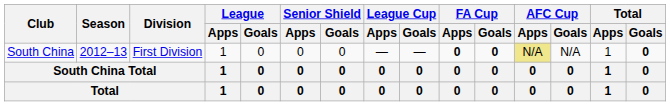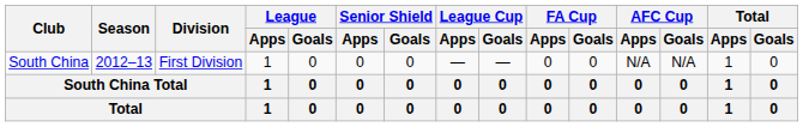 <table class="wikitable" style="text-align: center;">
 <tr>
 <th rowspan="2">Club</th>
 <th rowspan="2">Season</th>
 <th rowspan="2">Division</th>
 <th colspan="2"><a href='#'>League</a></th>
 <th colspan="2"><a href='#'>Senior Shield</a></th>
 <th colspan="2"><a href='#'>League Cup</a></th>
 <th colspan="2"><a href='#'>FA Cup</a></th>
 <th colspan="2"><a href='#'>AFC Cup</a></th>
 <th colspan="2">Total</th>
 </tr>
 <tr>
 <th>Apps</th>
 <th>Goals</th>
 <th>Apps</th>
 <th>Goals</th>
 <th>Apps</th>
 <th>Goals</th>
 <th>Apps</th>
 <th>Goals</th>
 <th>Apps</th>
 <th>Goals</th>
 <th>Apps</th>
 <th>Goals</th>
 </tr>
 <tr>
 <td rowspan="1" valign="center"><a href='#'>South China</a></td>
 <td><a href='#'>2012–13</a></td>
 <td><a href='#'>First Division</a></td>
 <td>1</td>
 <td>0</td>
 <td>0</td>
 <td>0</td>
 <td>—</td>
 <td>—</td>
-<td><strong>0</strong></td>
-<td><strong>0</strong></td>
-<td style="background: khaki;">N/A</td>
+<td>0</td>
+<td>0</td>
+<td>N/A</td>
 <td>N/A</td>
 <td>1</td>
-<td><strong>0</strong></td>
+<td>0</td>
 </tr>
 <tr>
 <th colspan="3">South China Total</th>
 <th>1</th>
 <th>0</th>
 <th>0</th>
 <th>0</th>
 <th>0</th>
 <th>0</th>
 <th>0</th>
 <th>0</th>
 <th>0</th>
 <th>0</th>
 <th>1</th>
 <th>0</th>
 </tr>
 <tr>
 <th colspan="3">Total</th>
 <th>1</th>
 <th>0</th>
 <th>0</th>
 <th>0</th>
 <th>0</th>
 <th>0</th>
 <th>0</th>
 <th>0</th>
 <th>0</th>
 <th>0</th>
 <th>1</th>
 <th>0</th>
 </tr>
 </table>
